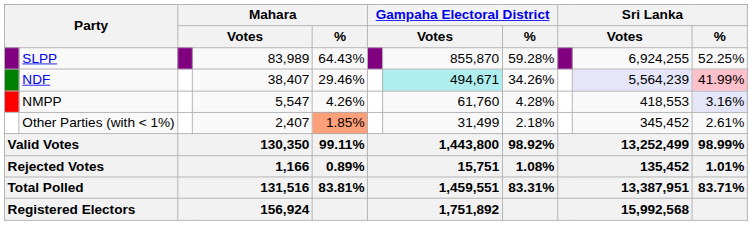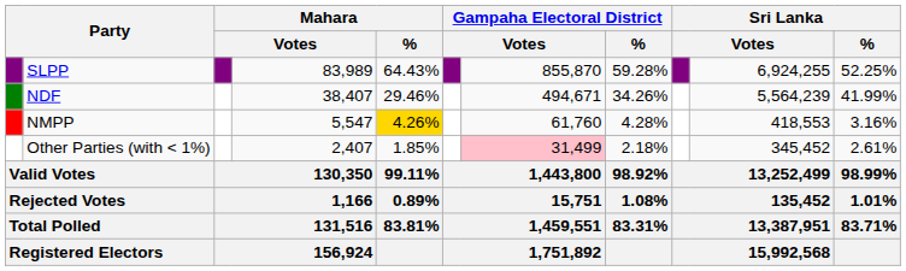 <table class="wikitable">
 <tr>
 <th colspan="2" width="144px"rowspan="2">Party</th>
 <th colspan="3" width="216px">Mahara</th>
 <th colspan="3" width="216px"><a href='#'>Gampaha Electoral District</a></th>
 <th colspan="3" width="216px">Sri Lanka</th>
 </tr>
 <tr>
 <th colspan="2" width="144px">Votes</th>
 <th>%</th>
 <th colspan="2" width="144px">Votes</th>
 <th>%</th>
 <th colspan="2" width="144px">Votes</th>
 <th>%</th>
 </tr>
 <tr>
 <td style="background-color:purple;" width="10px"></td>
 <td style="text-align:left;"><a href='#'>SLPP</a></td>
 <td style="background-color:purple;" width="10px"></td>
 <td style="text-align:right;">83,989</td>
 <td style="text-align:right;">64.43%</td>
 <td style="background-color:purple;" width="10px"></td>
 <td style="text-align:right;">855,870</td>
 <td style="text-align:right;">59.28%</td>
 <td style="background-color:purple;" width="10px"></td>
 <td style="text-align:right;">6,924,255</td>
 <td style="text-align:right;">52.25%</td>
 </tr>
 <tr>
 <td style="background-color:green;" width="10px"></td>
 <td style="text-align:left;"><a href='#'>NDF</a></td>
 <td style="background-color:white;" width="10px"></td>
 <td style="text-align:right;">38,407</td>
 <td style="text-align:right;">29.46%</td>
 <td style="background-color:white;" width="10px"></td>
-<td style="background: paleturquoise; text-align:right;">494,671</td>
+<td style="text-align:right;">494,671</td>
 <td style="text-align:right;">34.26%</td>
 <td style="background-color:white;" width="10px"></td>
-<td style="background: lavender; text-align:right;">5,564,239</td>
-<td style="background: pink; text-align:right;">41.99%</td>
+<td style="text-align:right;">5,564,239</td>
+<td style="text-align:right;">41.99%</td>
 </tr>
 <tr>
 <td style="background-color:red;" width="10px"></td>
 <td style="text-align:left;">NMPP</td>
 <td style="background-color:white;" width="10px"></td>
 <td style="text-align:right;">5,547</td>
-<td style="text-align:right;">4.26%</td>
+<td style="background: gold; text-align:right;">4.26%</td>
 <td style="background-color:white;" width="10px"></td>
 <td style="text-align:right;">61,760</td>
 <td style="text-align:right;">4.28%</td>
 <td style="background-color:white;" width="10px"></td>
 <td style="text-align:right;">418,553</td>
-<td style="background: lavender; text-align:right;">3.16%</td>
+<td style="text-align:right;">3.16%</td>
 </tr>
 <tr>
 <td style="background-color:white;" width="10px"></td>
 <td style="text-align:left;">Other Parties (with < 1%)</td>
 <td style="background-color:white;" width="10px"></td>
 <td style="text-align:right;">2,407</td>
-<td style="background: lightsalmon; text-align:right;">1.85%</td>
+<td style="text-align:right;">1.85%</td>
 <td style="background-color:white;" width="10px"></td>
-<td style="text-align:right;">31,499</td>
+<td style="background: pink; text-align:right;">31,499</td>
 <td style="text-align:right;">2.18%</td>
 <td style="background-color:white;" width="10px"></td>
 <td style="text-align:right;">345,452</td>
 <td style="text-align:right;">2.61%</td>
 </tr>
 <tr>
 <th colspan="2" width="144px"style="text-align:left;">Valid Votes</th>
 <th style="text-align:right;"colspan="2" width="144px">130,350</th>
 <th style="text-align:right;">99.11%</th>
 <th style="text-align:right;"colspan="2" width="144px">1,443,800</th>
 <th style="text-align:right;">98.92%</th>
 <th style="text-align:right;"colspan="2" width="144px">13,252,499</th>
 <th style="text-align:right;">98.99%</th>
 </tr>
 <tr>
 <th colspan="2" width="144px"style="text-align:left;">Rejected Votes</th>
 <th style="text-align:right;"colspan="2" width="144px">1,166</th>
 <th style="text-align:right;">0.89%</th>
 <th style="text-align:right;"colspan="2" width="144px">15,751</th>
 <th style="text-align:right;">1.08%</th>
 <th style="text-align:right;"colspan="2" width="144px">135,452</th>
 <th style="text-align:right;">1.01%</th>
 </tr>
 <tr>
 <th colspan="2" width="144px"style="text-align:left;">Total Polled</th>
 <th style="text-align:right;"colspan="2" width="144px">131,516</th>
 <th style="text-align:right;">83.81%</th>
 <th style="text-align:right;"colspan="2" width="144px">1,459,551</th>
 <th style="text-align:right;">83.31%</th>
 <th style="text-align:right;"colspan="2" width="144px">13,387,951</th>
 <th style="text-align:right;">83.71%</th>
 </tr>
 <tr>
 <th colspan="2" width="144px"style="text-align:left;">Registered Electors</th>
 <th style="text-align:right;"colspan="2" width="144px">156,924</th>
 <th></th>
 <th style="text-align:right;"colspan="2" width="144px">1,751,892</th>
 <th></th>
 <th style="text-align:right;"colspan="2" width="144px">15,992,568</th>
 <th></th>
 </tr>
 </table>
